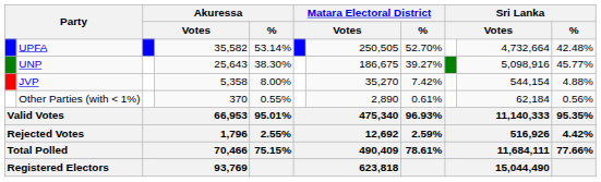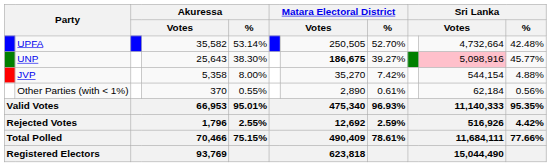 <table class="wikitable">
 <tr>
 <th colspan="2" width="144px"rowspan="2">Party</th>
 <th colspan="3" width="216px">Akuressa</th>
 <th colspan="3" width="216px"><a href='#'>Matara Electoral District</a></th>
 <th colspan="3" width="216px">Sri Lanka</th>
 </tr>
 <tr>
 <th colspan="2" width="144px">Votes</th>
 <th>%</th>
 <th colspan="2" width="144px">Votes</th>
 <th>%</th>
 <th colspan="2" width="144px">Votes</th>
 <th>%</th>
 </tr>
 <tr>
 <td style="background-color:blue;" width="10px"></td>
 <td style="text-align:left;"><a href='#'>UPFA</a></td>
 <td style="background-color:blue;" width="10px"></td>
 <td style="text-align:right;">35,582</td>
 <td style="text-align:right;">53.14%</td>
 <td style="background-color:blue;" width="10px"></td>
 <td style="text-align:right;">250,505</td>
 <td style="text-align:right;">52.70%</td>
 <td style="background-color:white;" width="10px"></td>
 <td style="text-align:right;">4,732,664</td>
 <td style="text-align:right;">42.48%</td>
 </tr>
 <tr>
 <td style="background-color:green;" width="10px"></td>
 <td style="text-align:left;"><a href='#'>UNP</a></td>
 <td style="background-color:white;" width="10px"></td>
 <td style="text-align:right;">25,643</td>
 <td style="text-align:right;">38.30%</td>
 <td style="background-color:white;" width="10px"></td>
-<td style="text-align:right;">186,675</td>
+<td style="text-align:right;"><strong>186,675</strong></td>
 <td style="text-align:right;">39.27%</td>
 <td style="background-color:green;" width="10px"></td>
-<td style="text-align:right;">5,098,916</td>
+<td style="background: pink; text-align:right;">5,098,916</td>
 <td style="text-align:right;">45.77%</td>
 </tr>
 <tr>
 <td style="background-color:red;" width="10px"></td>
 <td style="text-align:left;"><a href='#'>JVP</a></td>
 <td style="background-color:white;" width="10px"></td>
 <td style="text-align:right;">5,358</td>
 <td style="text-align:right;">8.00%</td>
 <td style="background-color:white;" width="10px"></td>
 <td style="text-align:right;">35,270</td>
 <td style="text-align:right;">7.42%</td>
 <td style="background-color:white;" width="10px"></td>
 <td style="text-align:right;">544,154</td>
 <td style="text-align:right;">4.88%</td>
 </tr>
 <tr>
 <td style="background-color:white;" width="10px"></td>
 <td style="text-align:left;">Other Parties (with < 1%)</td>
 <td style="background-color:white;" width="10px"></td>
 <td style="text-align:right;">370</td>
 <td style="text-align:right;">0.55%</td>
 <td style="background-color:white;" width="10px"></td>
 <td style="text-align:right;">2,890</td>
 <td style="text-align:right;">0.61%</td>
 <td style="background-color:white;" width="10px"></td>
 <td style="text-align:right;">62,184</td>
 <td style="text-align:right;">0.56%</td>
 </tr>
 <tr>
 <th colspan="2" width="144px"style="text-align:left;">Valid Votes</th>
 <th style="text-align:right;"colspan="2" width="144px">66,953</th>
 <th style="text-align:right;">95.01%</th>
 <th style="text-align:right;"colspan="2" width="144px">475,340</th>
 <th style="text-align:right;">96.93%</th>
 <th style="text-align:right;"colspan="2" width="144px">11,140,333</th>
 <th style="text-align:right;">95.35%</th>
 </tr>
 <tr>
 <th colspan="2" width="144px"style="text-align:left;">Rejected Votes</th>
 <th style="text-align:right;"colspan="2" width="144px">1,796</th>
 <th style="text-align:right;">2.55%</th>
 <th style="text-align:right;"colspan="2" width="144px">12,692</th>
 <th style="text-align:right;">2.59%</th>
 <th style="text-align:right;"colspan="2" width="144px">516,926</th>
 <th style="text-align:right;">4.42%</th>
 </tr>
 <tr>
 <th colspan="2" width="144px"style="text-align:left;">Total Polled</th>
 <th style="text-align:right;"colspan="2" width="144px">70,466</th>
 <th style="text-align:right;">75.15%</th>
 <th style="text-align:right;"colspan="2" width="144px">490,409</th>
 <th style="text-align:right;">78.61%</th>
 <th style="text-align:right;"colspan="2" width="144px">11,684,111</th>
 <th style="text-align:right;">77.66%</th>
 </tr>
 <tr>
 <th colspan="2" width="144px"style="text-align:left;">Registered Electors</th>
 <th style="text-align:right;"colspan="2" width="144px">93,769</th>
 <th></th>
 <th style="text-align:right;"colspan="2" width="144px">623,818</th>
 <th></th>
 <th style="text-align:right;"colspan="2" width="144px">15,044,490</th>
 <th></th>
 </tr>
 </table>
